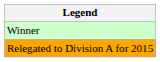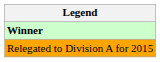 <table class="wikitable">
 <tr>
 <th>Legend</th>
 </tr>
 <tr bgcolor=ccffcc>
-<td>Winner</td>
+<td><strong>Winner</strong></td>
 </tr>
 <tr bgcolor=FFA500>
 <td>Relegated to Division A for 2015</td>
 </tr>
 </table>
